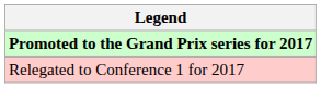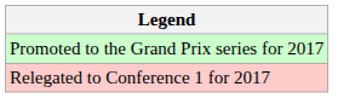 <table class="wikitable">
 <tr>
 <th>Legend</th>
 </tr>
 <tr bgcolor=ccffcc>
-<td><strong>Promoted to the Grand Prix series for 2017</strong></td>
+<td>Promoted to the Grand Prix series for 2017</td>
 </tr>
 <tr bgcolor=ffcccc>
 <td>Relegated to Conference 1 for 2017</td>
 </tr>
 </table>
